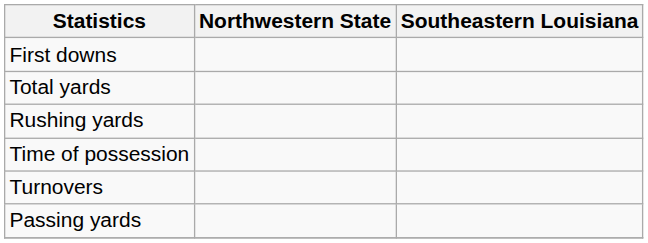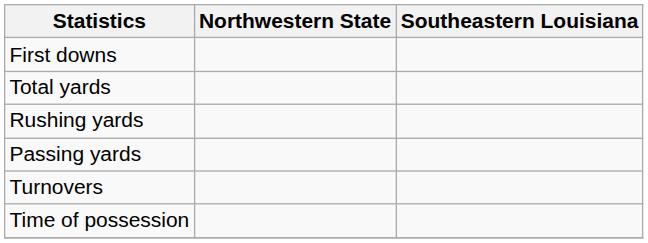 <table class="wikitable">
 <tr>
 <th>Statistics</th>
 <th>Northwestern State</th>
 <th>Southeastern Louisiana</th>
 </tr>
 <tr>
 <td>First downs</td>
 <td> </td>
 <td> </td>
 </tr>
 <tr>
 <td>Total yards</td>
 <td> </td>
 <td> </td>
 </tr>
 <tr>
 <td>Rushing yards</td>
 <td> </td>
 <td> </td>
 </tr>
 <tr>
-<td>Time of possession</td>
+<td>Passing yards</td>
 <td> </td>
 <td> </td>
 </tr>
 <tr>
 <td>Turnovers</td>
 <td> </td>
 <td> </td>
 </tr>
 <tr>
-<td>Passing yards</td>
+<td>Time of possession</td>
 <td> </td>
 <td> </td>
 </tr>
 <tr>
 </tr>
 </table>
